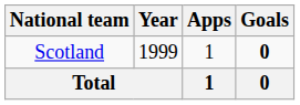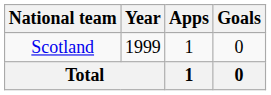 <table class="wikitable" style="text-align:center">
 <tr>
 <th>National team</th>
 <th>Year</th>
 <th>Apps</th>
 <th>Goals</th>
 </tr>
 <tr>
 <td><a href='#'>Scotland</a></td>
 <td>1999</td>
 <td>1</td>
-<td><strong>0</strong></td>
+<td>0</td>
 </tr>
 <tr>
 <th colspan="2">Total</th>
 <th>1</th>
 <th>0</th>
 </tr>
 </table>
